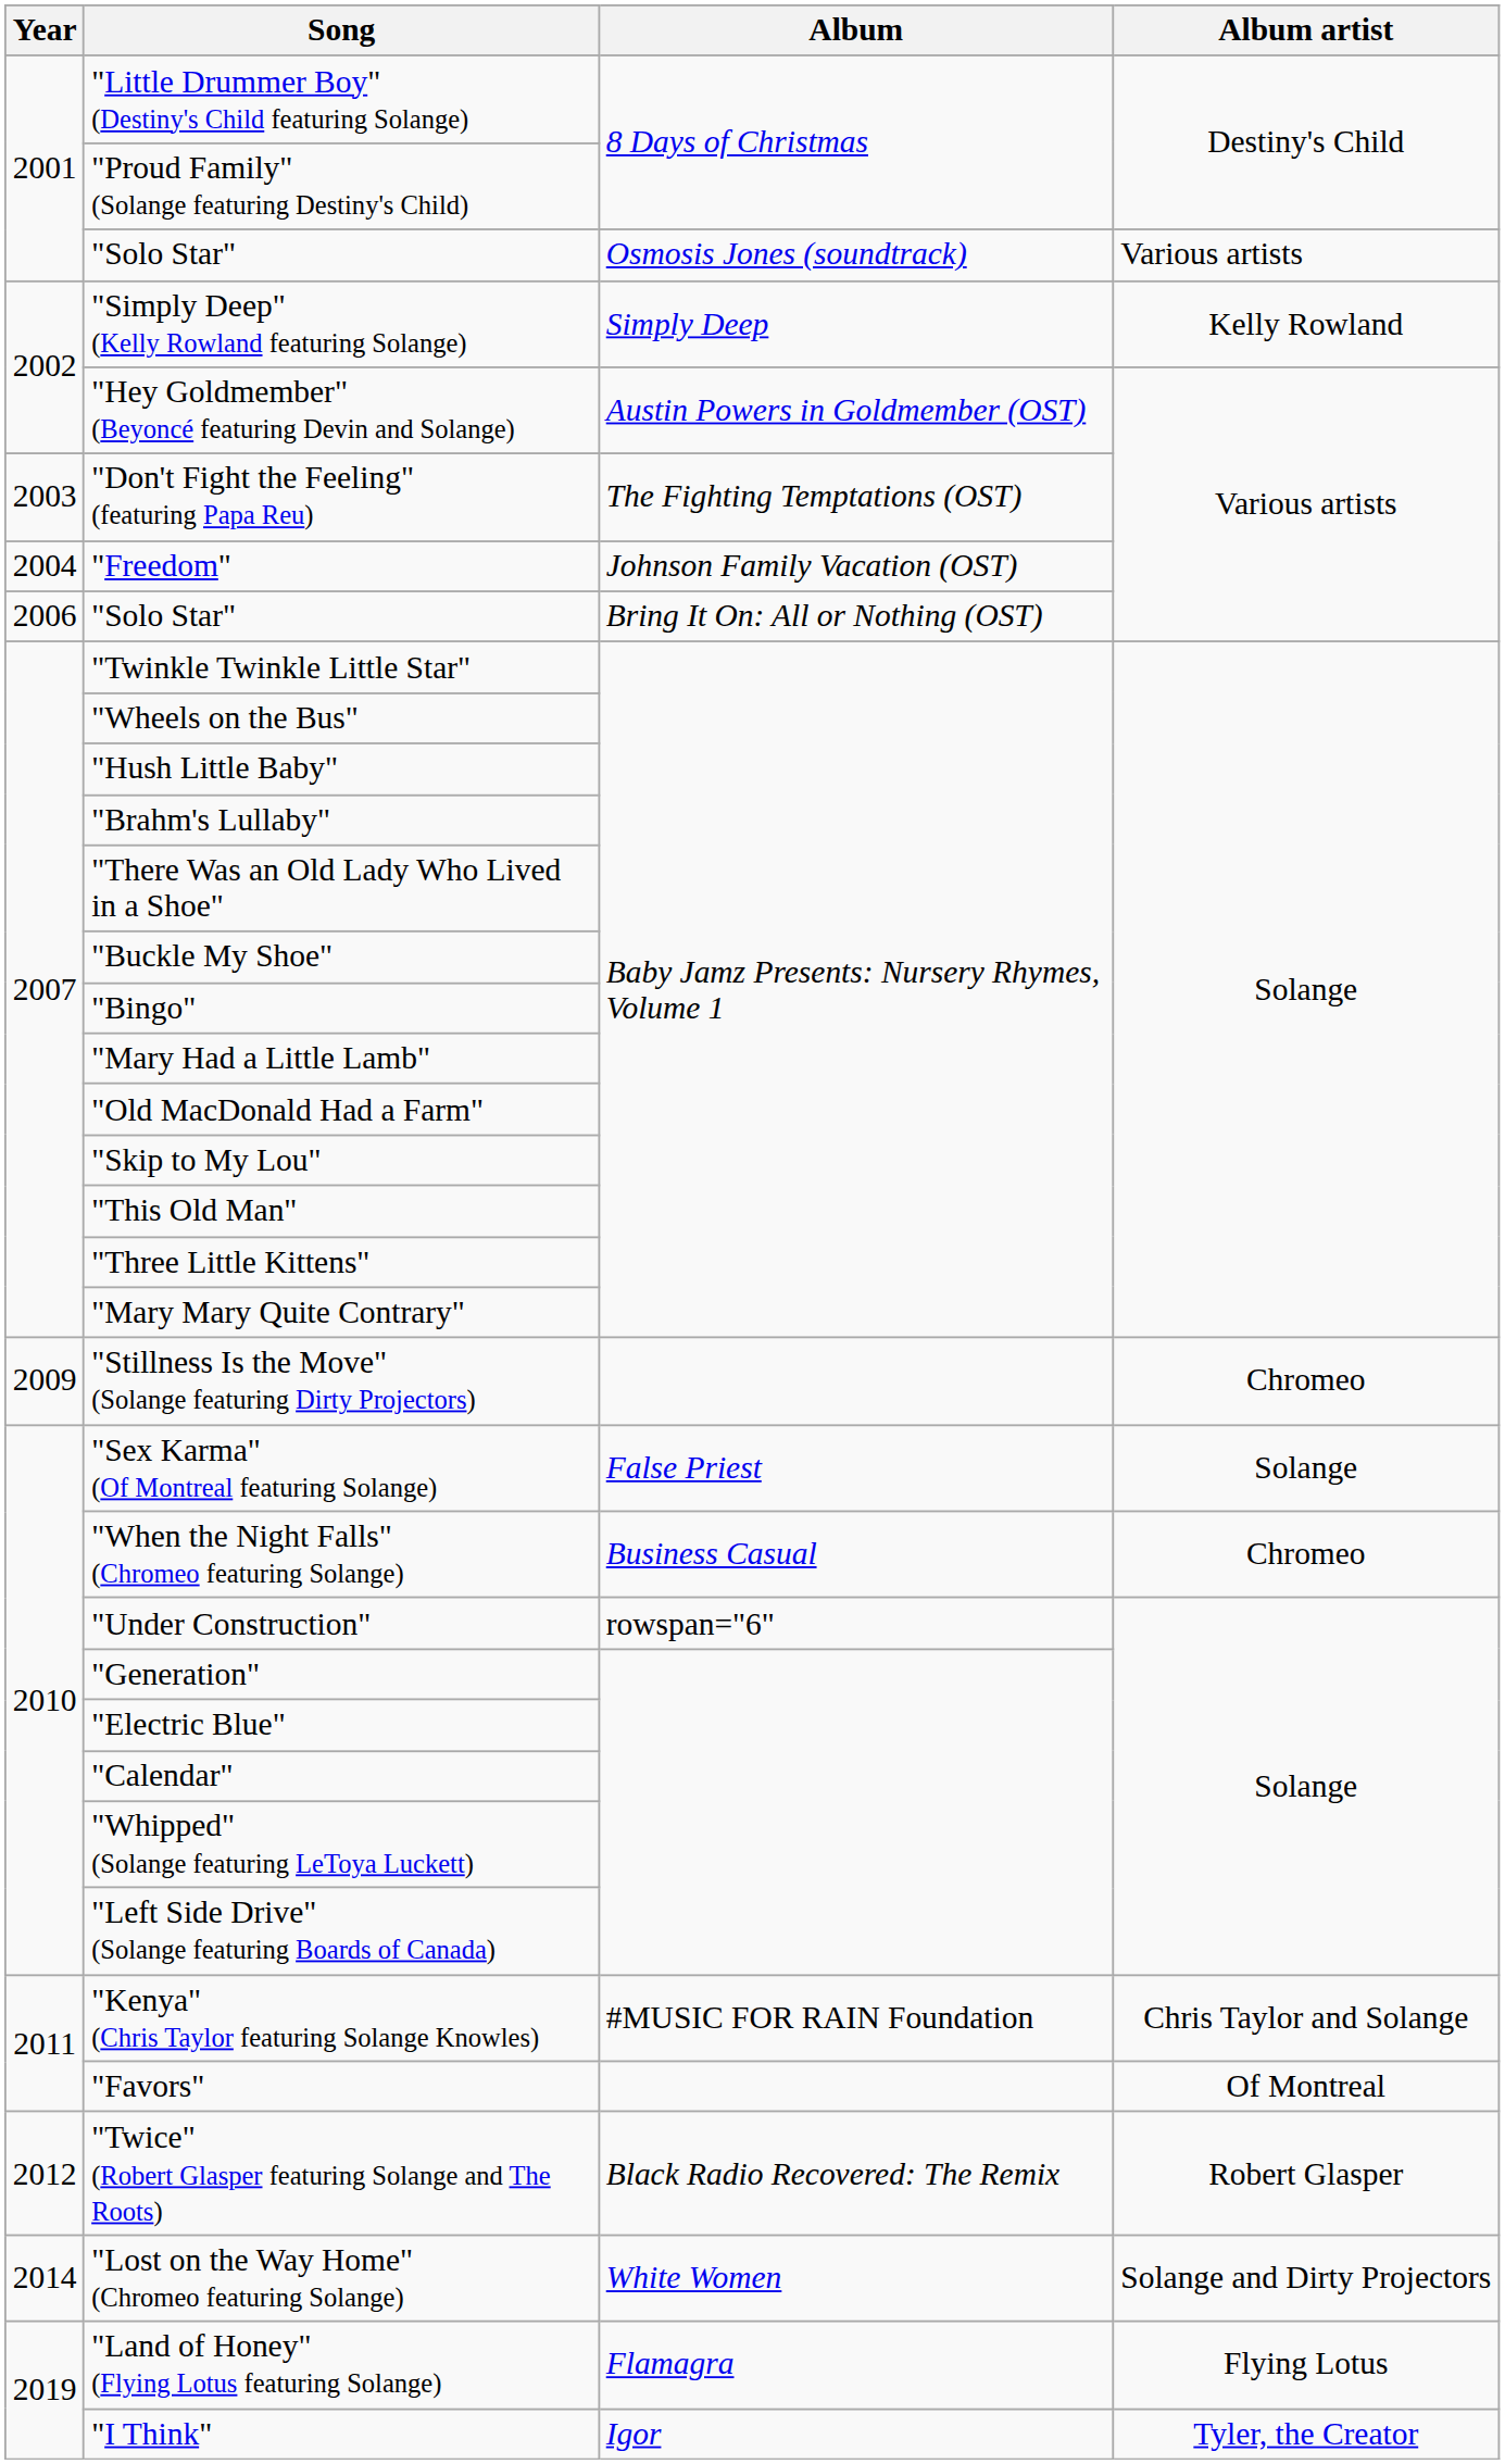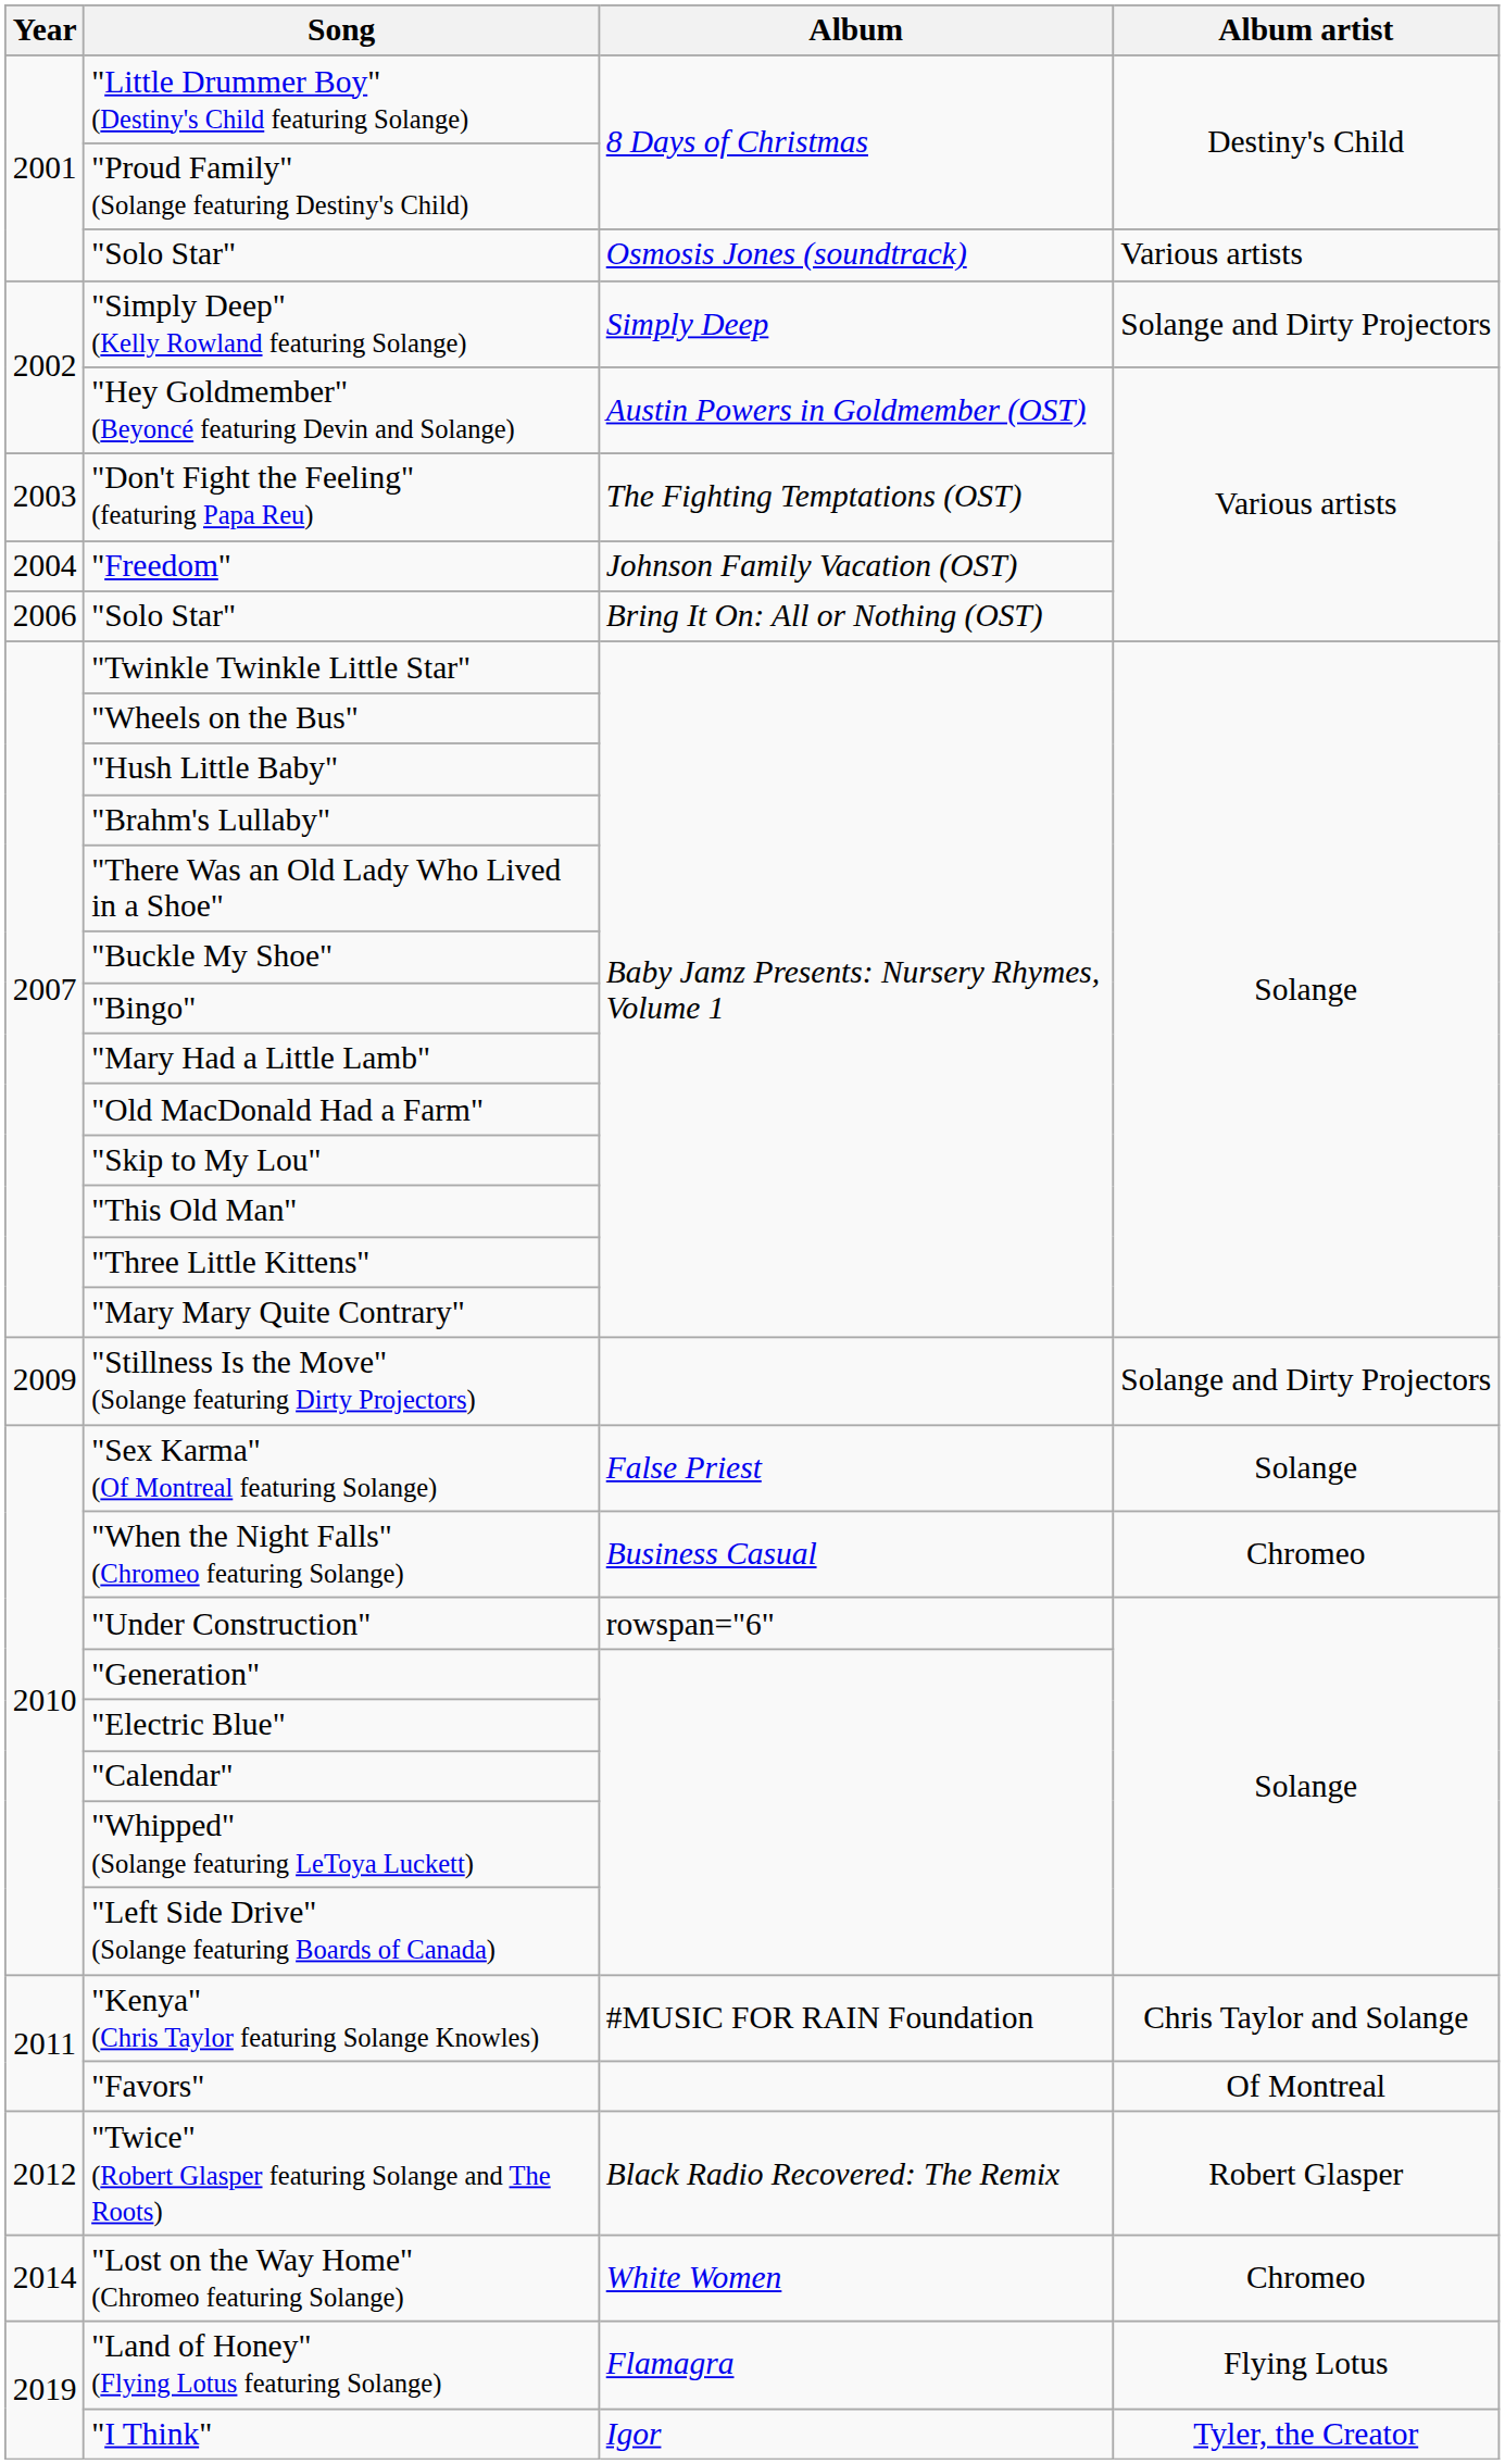 <table class="wikitable">
 <tr>
 <th>Year</th>
 <th style="width:250px;">Song</th>
 <th style="width:250px;">Album</th>
 <th>Album artist</th>
 </tr>
 <tr>
 <td align="center" rowspan="3">2001</td>
 <td>"<a href='#'>Little Drummer Boy</a>"<br><small>(<a href='#'>Destiny's Child</a> featuring Solange)</small></td>
 <td rowspan="2"><em><a href='#'>8 Days of Christmas</a></em></td>
 <td rowspan="2" align="center">Destiny's Child</td>
 </tr>
 <tr>
 <td>"Proud Family"<br><small>(Solange featuring Destiny's Child)</small></td>
 </tr>
 <tr>
 <td>"Solo Star"</td>
 <td><em><a href='#'>Osmosis Jones (soundtrack)</a></em></td>
 <td>Various artists</td>
 </tr>
 <tr>
 <td align="center" rowspan="2">2002</td>
 <td>"Simply Deep"<br><small>(<a href='#'>Kelly Rowland</a> featuring Solange)</small></td>
 <td><em><a href='#'>Simply Deep</a></em></td>
-<td align="center">Kelly Rowland</td>
+<td align="center">Solange and Dirty Projectors</td>
 </tr>
 <tr>
 <td>"Hey Goldmember"<br><small>(<a href='#'>Beyoncé</a> featuring Devin and Solange)</small></td>
 <td><em><a href='#'>Austin Powers in Goldmember (OST)</a></em></td>
 <td rowspan="4" align="center">Various artists</td>
 </tr>
 <tr>
 <td align="center">2003</td>
 <td>"Don't Fight the Feeling"<br><small>(featuring <a href='#'>Papa Reu</a>)</small></td>
 <td><em>The Fighting Temptations (OST)</em></td>
 </tr>
 <tr>
 <td align="center">2004</td>
 <td>"<a href='#'>Freedom</a>"</td>
 <td><em>Johnson Family Vacation (OST)</em></td>
 </tr>
 <tr>
 <td align="center">2006</td>
 <td>"Solo Star"</td>
 <td><em>Bring It On: All or Nothing (OST)</em></td>
 </tr>
 <tr>
 <td align="center" rowspan="13">2007</td>
 <td>"Twinkle Twinkle Little Star"</td>
 <td rowspan="13"><em>Baby Jamz Presents: Nursery Rhymes, Volume 1</em></td>
 <td rowspan="13" align="center">Solange</td>
 </tr>
 <tr>
 <td>"Wheels on the Bus"</td>
 </tr>
 <tr>
 <td>"Hush Little Baby"</td>
 </tr>
 <tr>
 <td>"Brahm's Lullaby"</td>
 </tr>
 <tr>
 <td>"There Was an Old Lady Who Lived in a Shoe"</td>
 </tr>
 <tr>
 <td>"Buckle My Shoe"</td>
 </tr>
 <tr>
 <td>"Bingo"</td>
 </tr>
 <tr>
 <td>"Mary Had a Little Lamb"</td>
 </tr>
 <tr>
 <td>"Old MacDonald Had a Farm"</td>
 </tr>
 <tr>
 <td>"Skip to My Lou"</td>
 </tr>
 <tr>
 <td>"This Old Man"</td>
 </tr>
 <tr>
 <td>"Three Little Kittens"</td>
 </tr>
 <tr>
 <td>"Mary Mary Quite Contrary"</td>
 </tr>
 <tr>
 <td align="center">2009</td>
 <td>"Stillness Is the Move"<br><small>(Solange featuring <a href='#'>Dirty Projectors</a>)</small></td>
 <td></td>
-<td align="center">Chromeo</td>
+<td align="center">Solange and Dirty Projectors</td>
 </tr>
 <tr>
 <td align="center" rowspan="8">2010</td>
 <td>"Sex Karma"<br><small>(<a href='#'>Of Montreal</a> featuring Solange)</small></td>
 <td><em><a href='#'>False Priest</a></em></td>
 <td align="center">Solange</td>
 </tr>
 <tr>
 <td>"When the Night Falls"<br><small>(<a href='#'>Chromeo</a> featuring Solange)</small></td>
 <td><em><a href='#'>Business Casual</a></em></td>
 <td align="center">Chromeo</td>
 </tr>
 <tr>
 <td>"Under Construction"</td>
 <td>rowspan="6" </td>
 <td rowspan="6" align="center">Solange</td>
 </tr>
 <tr>
 <td>"Generation"</td>
 </tr>
 <tr>
 <td>"Electric Blue"</td>
 </tr>
 <tr>
 <td>"Calendar"</td>
 </tr>
 <tr>
 <td>"Whipped"<br><small>(Solange featuring <a href='#'>LeToya Luckett</a>)</small></td>
 </tr>
 <tr>
 <td>"Left Side Drive"<br><small>(Solange featuring <a href='#'>Boards of Canada</a>)</small></td>
 </tr>
 <tr>
 <td align="center" rowspan="2">2011</td>
 <td>"Kenya"<br><small>(<a href='#'>Chris Taylor</a> featuring Solange Knowles)</small></td>
 <td>#MUSIC FOR RAIN Foundation</td>
 <td align="center">Chris Taylor and Solange</td>
 </tr>
 <tr>
 <td>"Favors"</td>
 <td></td>
 <td align="center">Of Montreal</td>
 </tr>
 <tr>
 <td align="center">2012</td>
 <td>"Twice"<br><small>(<a href='#'>Robert Glasper</a> featuring Solange and <a href='#'>The Roots</a>)</small></td>
 <td><em>Black Radio Recovered: The Remix</em></td>
 <td align="center">Robert Glasper</td>
 </tr>
 <tr>
 <td align="center">2014</td>
 <td>"Lost on the Way Home"<br><small>(Chromeo featuring Solange)</small></td>
 <td><em><a href='#'>White Women</a></em></td>
-<td align="center">Solange and Dirty Projectors</td>
+<td align="center">Chromeo</td>
 </tr>
 <tr>
 <td align="center" rowspan="4">2019</td>
 <td>"Land of Honey"<br><small>(<a href='#'>Flying Lotus</a> featuring Solange)</small></td>
 <td><em><a href='#'>Flamagra</a></em></td>
 <td align="center">Flying Lotus</td>
 </tr>
 <tr>
 <td>"<a href='#'>I Think</a>"</td>
 <td rowspan="3"><em><a href='#'>Igor</a></em></td>
 <td align="center" rowspan="3"><a href='#'>Tyler, the Creator</a></td>
 </tr>
 </table>
